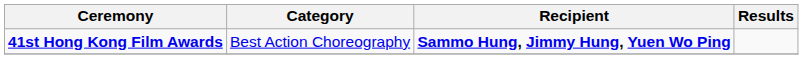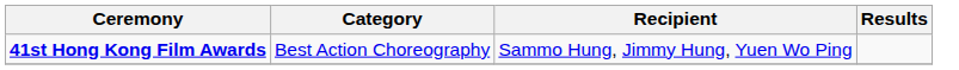 <table class=wikitable>
 <tr>
 <th>Ceremony</th>
 <th>Category</th>
 <th>Recipient</th>
 <th>Results</th>
 </tr>
 <tr>
 <td rowspan=1><strong><a href='#'>41st Hong Kong Film Awards</a></strong></td>
 <td><a href='#'>Best Action Choreography</a></td>
-<td><strong><a href='#'>Sammo Hung</a>, <a href='#'>Jimmy Hung</a>, <a href='#'>Yuen Wo Ping</a></strong></td>
+<td><a href='#'>Sammo Hung</a>, <a href='#'>Jimmy Hung</a>, <a href='#'>Yuen Wo Ping</a></td>
 <td></td>
 </tr>
 <tr>
 </tr>
 </table>
